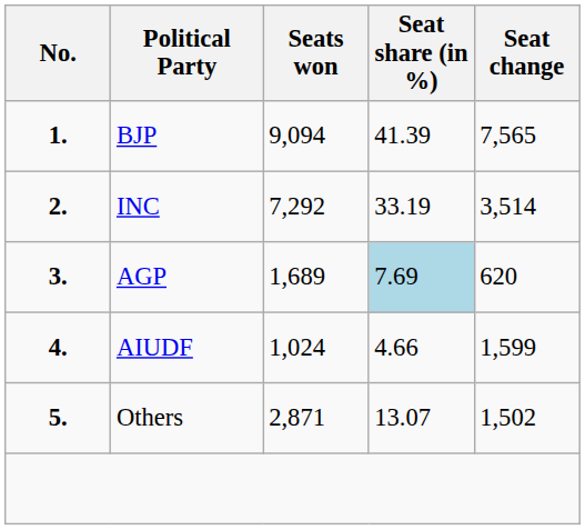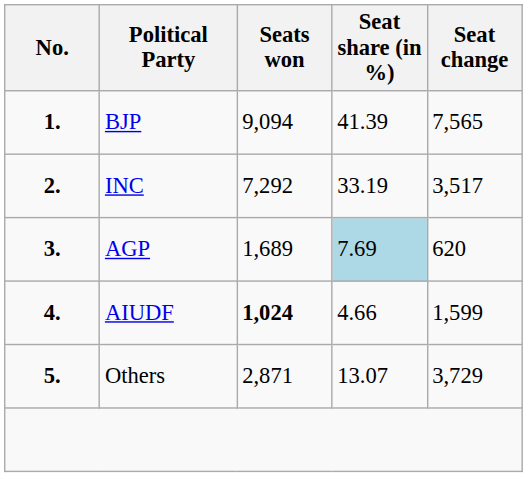 <table class="wikitable">
 <tr style="height: 50px;">
 <th scope="col" style="width:60px;">No.<br></th>
 <th scope="col" style="width:90px;">Political Party</th>
 <th scope="col" style="width:60px;">Seats won</th>
 <th scope="col" style="width:60px;">Seat share (in %)</th>
 <th scope="col" style="width:60px;">Seat change</th>
 </tr>
 <tr style="height: 45px;">
 <td ! style="text-align:center; background:"><strong>1.</strong></td>
 <td><a href='#'>BJP</a></td>
 <td>9,094</td>
 <td>41.39</td>
 <td>7,565</td>
 </tr>
 <tr style="height: 45px;">
 <td ! style="text-align:center; background:"><strong>2.</strong></td>
 <td><a href='#'>INC</a></td>
 <td>7,292</td>
 <td>33.19</td>
-<td>3,514</td>
+<td>3,517</td>
 </tr>
 <tr style="height: 45px;">
 <td ! style="text-align:center; background:"><strong>3.</strong></td>
 <td><a href='#'>AGP</a></td>
 <td>1,689</td>
 <td style="background: lightblue;">7.69</td>
 <td>620</td>
 </tr>
 <tr style="height: 45px;">
 <td ! style="text-align:center; background:"><strong>4.</strong></td>
 <td><a href='#'>AIUDF</a></td>
-<td>1,024</td>
+<td><strong>1,024</strong></td>
 <td>4.66</td>
 <td>1,599</td>
 </tr>
 <tr style="height: 45px;">
 <td ! style="text-align:center; background:"><strong>5.</strong></td>
 <td>Others</td>
 <td>2,871</td>
 <td>13.07</td>
-<td>1,502</td>
+<td>3,729</td>
 </tr>
 <tr style="height: 45px;">
 </tr>
 </table>
